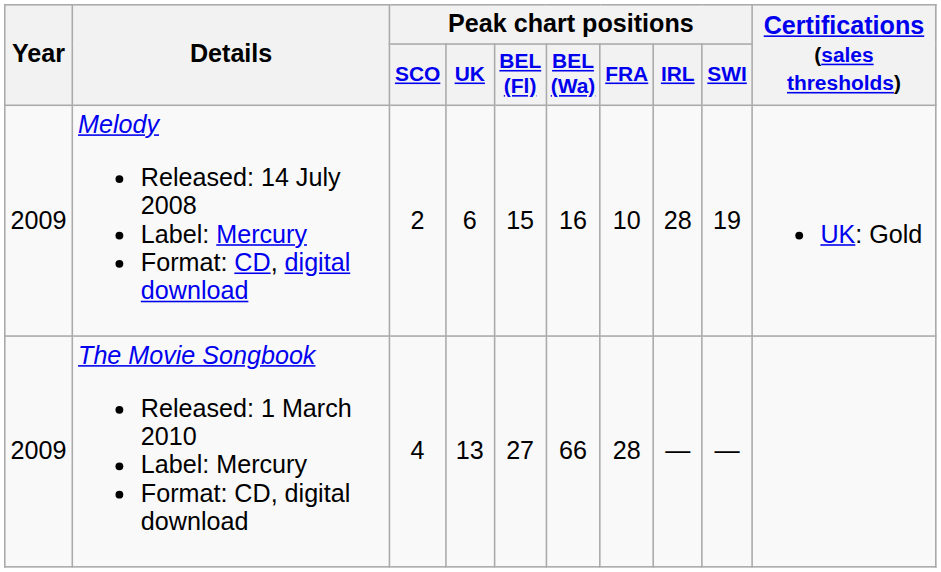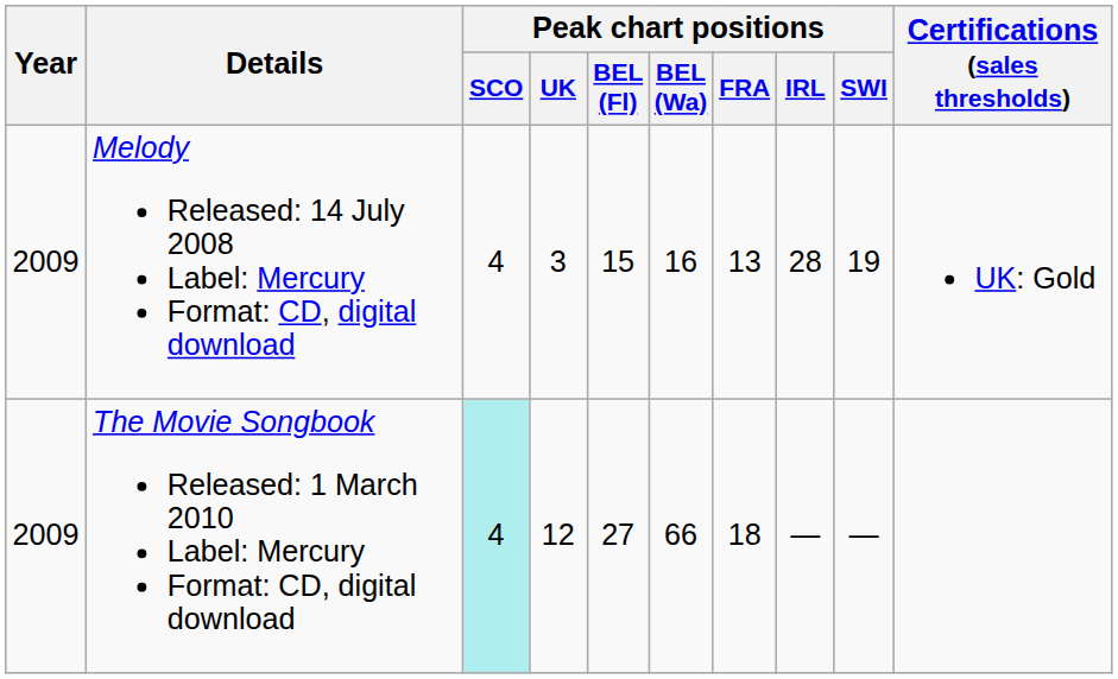 <table class="wikitable" style="text-align:center;">
 <tr>
 <th rowspan="2">Year</th>
 <th rowspan="2" width="195">Details</th>
 <th colspan="7">Peak chart positions</th>
 <th rowspan="2" width="110"><a href='#'>Certifications</a><br><small>(<a href='#'>sales thresholds</a>)</small></th>
 </tr>
 <tr style="font-size:smaller; line-height:1.2">
 <th width="25"><a href='#'>SCO</a><br></th>
 <th width="25"><a href='#'>UK</a><br></th>
 <th width="25"><a href='#'>BEL (Fl)</a><br></th>
 <th width="25"><a href='#'>BEL (Wa)</a><br></th>
 <th width="25"><a href='#'>FRA</a><br></th>
 <th width="25"><a href='#'>IRL</a><br></th>
 <th width="25"><a href='#'>SWI</a><br></th>
 </tr>
 <tr>
 <td>2009</td>
 <td align="left"><em><a href='#'>Melody</a></em><br><ul><li>Released: 14 July 2008</li><li>Label: <a href='#'>Mercury</a></li><li>Format: <a href='#'>CD</a>, <a href='#'>digital download</a></li></ul></td>
-<td>2</td>
-<td>6</td>
+<td>4</td>
+<td>3</td>
 <td>15</td>
 <td>16</td>
-<td>10</td>
+<td>13</td>
 <td>28</td>
 <td>19</td>
 <td align="left"><br><ul><li><a href='#'>UK</a>: Gold</li></ul></td>
 </tr>
 <tr>
 <td>2009</td>
 <td align="left"><em><a href='#'>The Movie Songbook</a></em><br><ul><li>Released: 1 March 2010</li><li>Label: Mercury</li><li>Format: CD, digital download</li></ul></td>
-<td>4</td>
-<td>13</td>
+<td style="background: paleturquoise;">4</td>
+<td>12</td>
 <td>27</td>
 <td>66</td>
-<td>28</td>
+<td>18</td>
 <td>—</td>
 <td>—</td>
 <td align="left"></td>
 </tr>
 </table>
